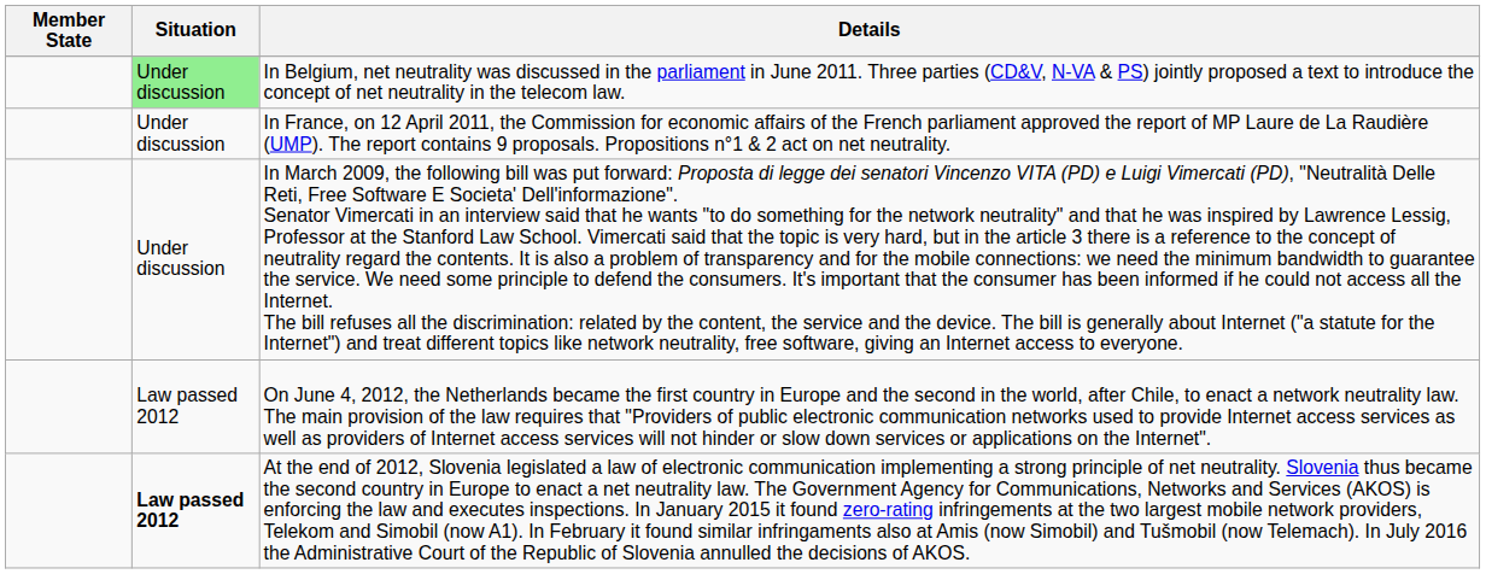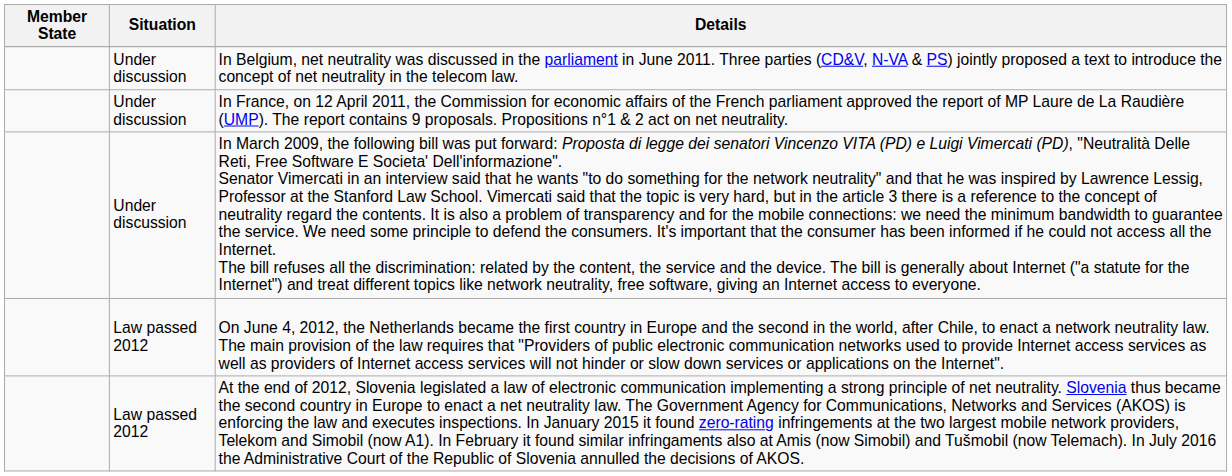 <table class="wikitable">
 <tr>
 <th width="100px">Member State</th>
 <th width="100px">Situation</th>
 <th>Details</th>
 </tr>
 <tr>
 </tr>
 <tr>
 <td></td>
-<td style="background: lightgreen;">Under discussion</td>
+<td>Under discussion</td>
 <td>In Belgium, net neutrality was discussed in the <a href='#'>parliament</a> in June 2011. Three parties (<a href='#'>CD&V</a>, <a href='#'>N-VA</a> & <a href='#'>PS</a>) jointly proposed a text to introduce the concept of net neutrality in the telecom law.</td>
 </tr>
 <tr>
 <td></td>
 <td>Under discussion</td>
 <td>In France, on 12 April 2011, the Commission for economic affairs of the French parliament approved the report of MP Laure de La Raudière (<a href='#'>UMP</a>). The report contains 9 proposals. Propositions n°1 & 2 act on net neutrality.</td>
 </tr>
 <tr>
 <td></td>
 <td>Under discussion</td>
 <td>In March 2009, the following bill was put forward: <em>Proposta di legge dei senatori Vincenzo VITA (PD) e Luigi Vimercati (PD)</em>, "Neutralità Delle Reti, Free Software E Societa' Dell'informazione".<br>Senator Vimercati in an interview said that he wants "to do something for the network neutrality" and that he was inspired by Lawrence Lessig, Professor at the Stanford Law School. Vimercati said that the topic is very hard, but in the article 3 there is a reference to the concept of neutrality regard the contents. It is also a problem of transparency and for the mobile connections: we need the minimum bandwidth to guarantee the service. We need some principle to defend the consumers. It's important that the consumer has been informed if he could not access all the Internet.<br>The bill refuses all the discrimination: related by the content, the service and the device. The bill is generally about Internet ("a statute for the Internet") and treat different topics like network neutrality, free software, giving an Internet access to everyone.</td>
 </tr>
 <tr>
 <td><br></td>
 <td>Law passed 2012</td>
 <td><br>On June 4, 2012, the Netherlands became the first country in Europe and the second in the world, after Chile, to enact a network neutrality law. The main provision of the law requires that "Providers of public electronic communication networks used to provide Internet access services as well as providers of Internet access services will not hinder or slow down services or applications on the Internet".</td>
 </tr>
 <tr>
 <td></td>
-<td><strong>Law passed 2012</strong></td>
+<td>Law passed 2012</td>
 <td>At the end of 2012, Slovenia legislated a law of electronic communication implementing a strong principle of net neutrality. <a href='#'>Slovenia</a> thus became the second country in Europe to enact a net neutrality law. The Government Agency for Communications, Networks and Services (AKOS) is enforcing the law and executes inspections. In January 2015 it found <a href='#'>zero-rating</a> infringements at the two largest mobile network providers, Telekom and Simobil (now A1). In February it found similar infringaments also at Amis (now Simobil) and Tušmobil (now Telemach). In July 2016 the Administrative Court of the Republic of Slovenia annulled the decisions of AKOS.</td>
 </tr>
 </table>
